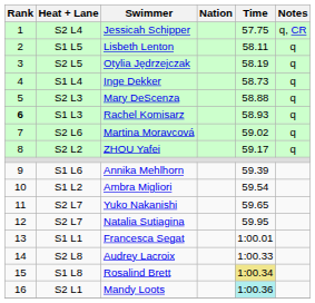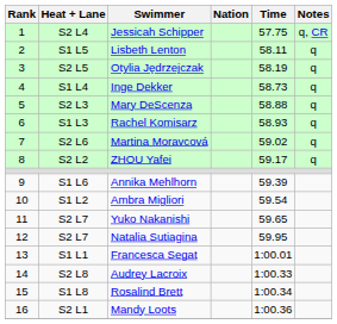 <table class="wikitable sortable" style="text-align:center">
 <tr>
 <th>Rank</th>
 <th>Heat + Lane</th>
 <th>Swimmer</th>
 <th>Nation</th>
 <th>Time</th>
 <th>Notes</th>
 </tr>
 <tr bgcolor=ccffcc>
 <td>1</td>
 <td>S2 L4</td>
 <td align=left><a href='#'>Jessicah Schipper</a></td>
 <td align=left></td>
 <td>57.75</td>
 <td>q, <a href='#'>CR</a></td>
 </tr>
 <tr bgcolor=ccffcc>
 <td>2</td>
 <td>S1 L5</td>
 <td align=left><a href='#'>Lisbeth Lenton</a></td>
 <td align=left></td>
 <td>58.11</td>
 <td>q</td>
 </tr>
 <tr bgcolor=ccffcc>
 <td>3</td>
 <td>S2 L5</td>
 <td align=left><a href='#'>Otylia Jędrzejczak</a></td>
 <td align=left></td>
 <td>58.19</td>
 <td>q</td>
 </tr>
 <tr bgcolor=ccffcc>
 <td>4</td>
 <td>S1 L4</td>
 <td align=left><a href='#'>Inge Dekker</a></td>
 <td align=left></td>
 <td>58.73</td>
 <td>q</td>
 </tr>
 <tr bgcolor=ccffcc>
 <td>5</td>
 <td>S2 L3</td>
 <td align=left><a href='#'>Mary DeScenza</a></td>
 <td align=left></td>
 <td>58.88</td>
 <td>q</td>
 </tr>
 <tr bgcolor=ccffcc>
-<td><strong>6</strong></td>
+<td>6</td>
 <td>S1 L3</td>
 <td align=left><a href='#'>Rachel Komisarz</a></td>
 <td align=left></td>
 <td>58.93</td>
 <td>q</td>
 </tr>
 <tr bgcolor=ccffcc>
 <td>7</td>
 <td>S2 L6</td>
 <td align=left><a href='#'>Martina Moravcová</a></td>
 <td align=left></td>
 <td>59.02</td>
 <td>q</td>
 </tr>
 <tr bgcolor=ccffcc>
 <td>8</td>
 <td>S2 L2</td>
 <td align=left><a href='#'>ZHOU Yafei</a></td>
 <td align=left></td>
 <td>59.17</td>
 <td>q</td>
 </tr>
 <tr bgcolor=#DDDDDD>
 <td colspan=6></td>
 </tr>
 <tr>
 <td>9</td>
 <td>S1 L6</td>
 <td align=left><a href='#'>Annika Mehlhorn</a></td>
 <td align=left></td>
 <td>59.39</td>
 <td></td>
 </tr>
 <tr>
 <td>10</td>
 <td>S1 L2</td>
 <td align=left><a href='#'>Ambra Migliori</a></td>
 <td align=left></td>
 <td>59.54</td>
 <td></td>
 </tr>
 <tr>
 <td>11</td>
 <td>S2 L7</td>
 <td align=left><a href='#'>Yuko Nakanishi</a></td>
 <td align=left></td>
 <td>59.65</td>
 <td></td>
 </tr>
 <tr>
 <td>12</td>
 <td>S2 L7</td>
 <td align=left><a href='#'>Natalia Sutiagina</a></td>
 <td align=left></td>
 <td>59.95</td>
 <td></td>
 </tr>
 <tr>
 <td>13</td>
 <td>S1 L1</td>
 <td align=left><a href='#'>Francesca Segat</a></td>
 <td align=left></td>
 <td>1:00.01</td>
 <td></td>
 </tr>
 <tr>
 <td>14</td>
 <td>S2 L8</td>
 <td align=left><a href='#'>Audrey Lacroix</a></td>
 <td align=left></td>
 <td>1:00.33</td>
 <td></td>
 </tr>
 <tr>
 <td>15</td>
 <td>S1 L8</td>
 <td align=left><a href='#'>Rosalind Brett</a></td>
 <td align=left></td>
-<td style="background: khaki;">1:00.34</td>
+<td>1:00.34</td>
 <td></td>
 </tr>
 <tr>
 <td>16</td>
 <td>S2 L1</td>
 <td align=left><a href='#'>Mandy Loots</a></td>
 <td align=left></td>
-<td style="background: paleturquoise;">1:00.36</td>
+<td>1:00.36</td>
 <td></td>
 </tr>
 <tr>
 </tr>
 </table>
